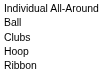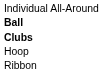 <table>
 <tr>
 <td>Individual All-Around</td>
 <td></td>
 <td></td>
 <td></td>
 </tr>
 <tr>
-<td>Ball</td>
+<td><strong>Ball</strong></td>
 <td></td>
 <td></td>
 <td></td>
 </tr>
 <tr>
-<td>Clubs</td>
+<td><strong>Clubs</strong></td>
 <td></td>
 <td></td>
 <td></td>
 </tr>
 <tr>
 <td>Hoop</td>
 <td></td>
 <td></td>
 <td></td>
 </tr>
 <tr>
 <td>Ribbon</td>
 <td></td>
 <td></td>
 <td></td>
 </tr>
 </table>
